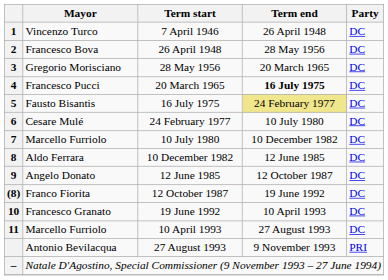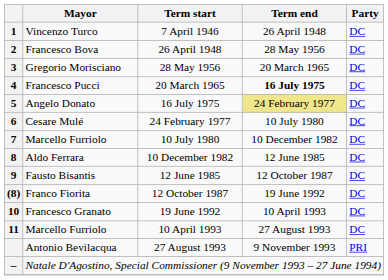 <table class="wikitable">
 <tr>
 <th class=unsortable> </th>
 <th>Mayor</th>
 <th>Term start</th>
 <th>Term end</th>
 <th>Party</th>
 </tr>
 <tr>
 <th style="background:">1</th>
 <td>Vincenzo Turco</td>
 <td align=center>7 April 1946</td>
 <td align=center>26 April 1948</td>
 <td><a href='#'>DC</a></td>
 </tr>
 <tr>
 <th style="background:">2</th>
 <td>Francesco Bova</td>
 <td align=center>26 April 1948</td>
 <td align=center>28 May 1956</td>
 <td><a href='#'>DC</a></td>
 </tr>
 <tr>
 <th style="background:">3</th>
 <td>Gregorio Morisciano</td>
 <td align=center>28 May 1956</td>
 <td align=center>20 March 1965</td>
 <td><a href='#'>DC</a></td>
 </tr>
 <tr>
 <th style="background:">4</th>
 <td>Francesco Pucci</td>
 <td align=center>20 March 1965</td>
 <td align=center><strong>16 July 1975</strong></td>
 <td><a href='#'>DC</a></td>
 </tr>
 <tr>
 <th style="background:">5</th>
-<td>Fausto Bisantis</td>
+<td>Angelo Donato</td>
 <td align=center>16 July 1975</td>
 <td align=center style="background: khaki;">24 February 1977</td>
 <td><a href='#'>DC</a></td>
 </tr>
 <tr>
 <th style="background:">6</th>
 <td>Cesare Mulé</td>
 <td align=center>24 February 1977</td>
 <td align=center>10 July 1980</td>
 <td><a href='#'>DC</a></td>
 </tr>
 <tr>
 <th style="background:">7</th>
 <td>Marcello Furriolo</td>
 <td align=center>10 July 1980</td>
 <td align=center>10 December 1982</td>
 <td><a href='#'>DC</a></td>
 </tr>
 <tr>
 <th style="background:">8</th>
 <td>Aldo Ferrara</td>
 <td align=center>10 December 1982</td>
 <td align=center>12 June 1985</td>
 <td><a href='#'>DC</a></td>
 </tr>
 <tr>
 <th style="background:">9</th>
-<td>Angelo Donato</td>
+<td>Fausto Bisantis</td>
 <td align=center>12 June 1985</td>
 <td align=center>12 October 1987</td>
 <td><a href='#'>DC</a></td>
 </tr>
 <tr>
 <th style="background:">(8)</th>
 <td>Franco Fiorita</td>
 <td align=center>12 October 1987</td>
 <td align=center>19 June 1992</td>
 <td><a href='#'>DC</a></td>
 </tr>
 <tr>
 <th style="background:">10</th>
 <td>Francesco Granato</td>
 <td align=center>19 June 1992</td>
 <td align=center>10 April 1993</td>
 <td><a href='#'>DC</a></td>
 </tr>
 <tr>
 <th style="background:">11</th>
 <td>Marcello Furriolo</td>
 <td align=center>10 April 1993</td>
 <td align=center>27 August 1993</td>
 <td><a href='#'>DC</a></td>
 </tr>
 <tr>
 <th style="background:"></th>
 <td>Antonio Bevilacqua</td>
 <td align=center>27 August 1993</td>
 <td align=center>9 November 1993</td>
 <td><a href='#'>PRI</a></td>
 </tr>
 <tr>
 <th style="background:">–</th>
 <td align=center colspan=4><em>Natale D'Agostino, Special Commissioner (9 November 1993 – 27 June 1994)</em></td>
 </tr>
 <tr>
 </tr>
 </table>
